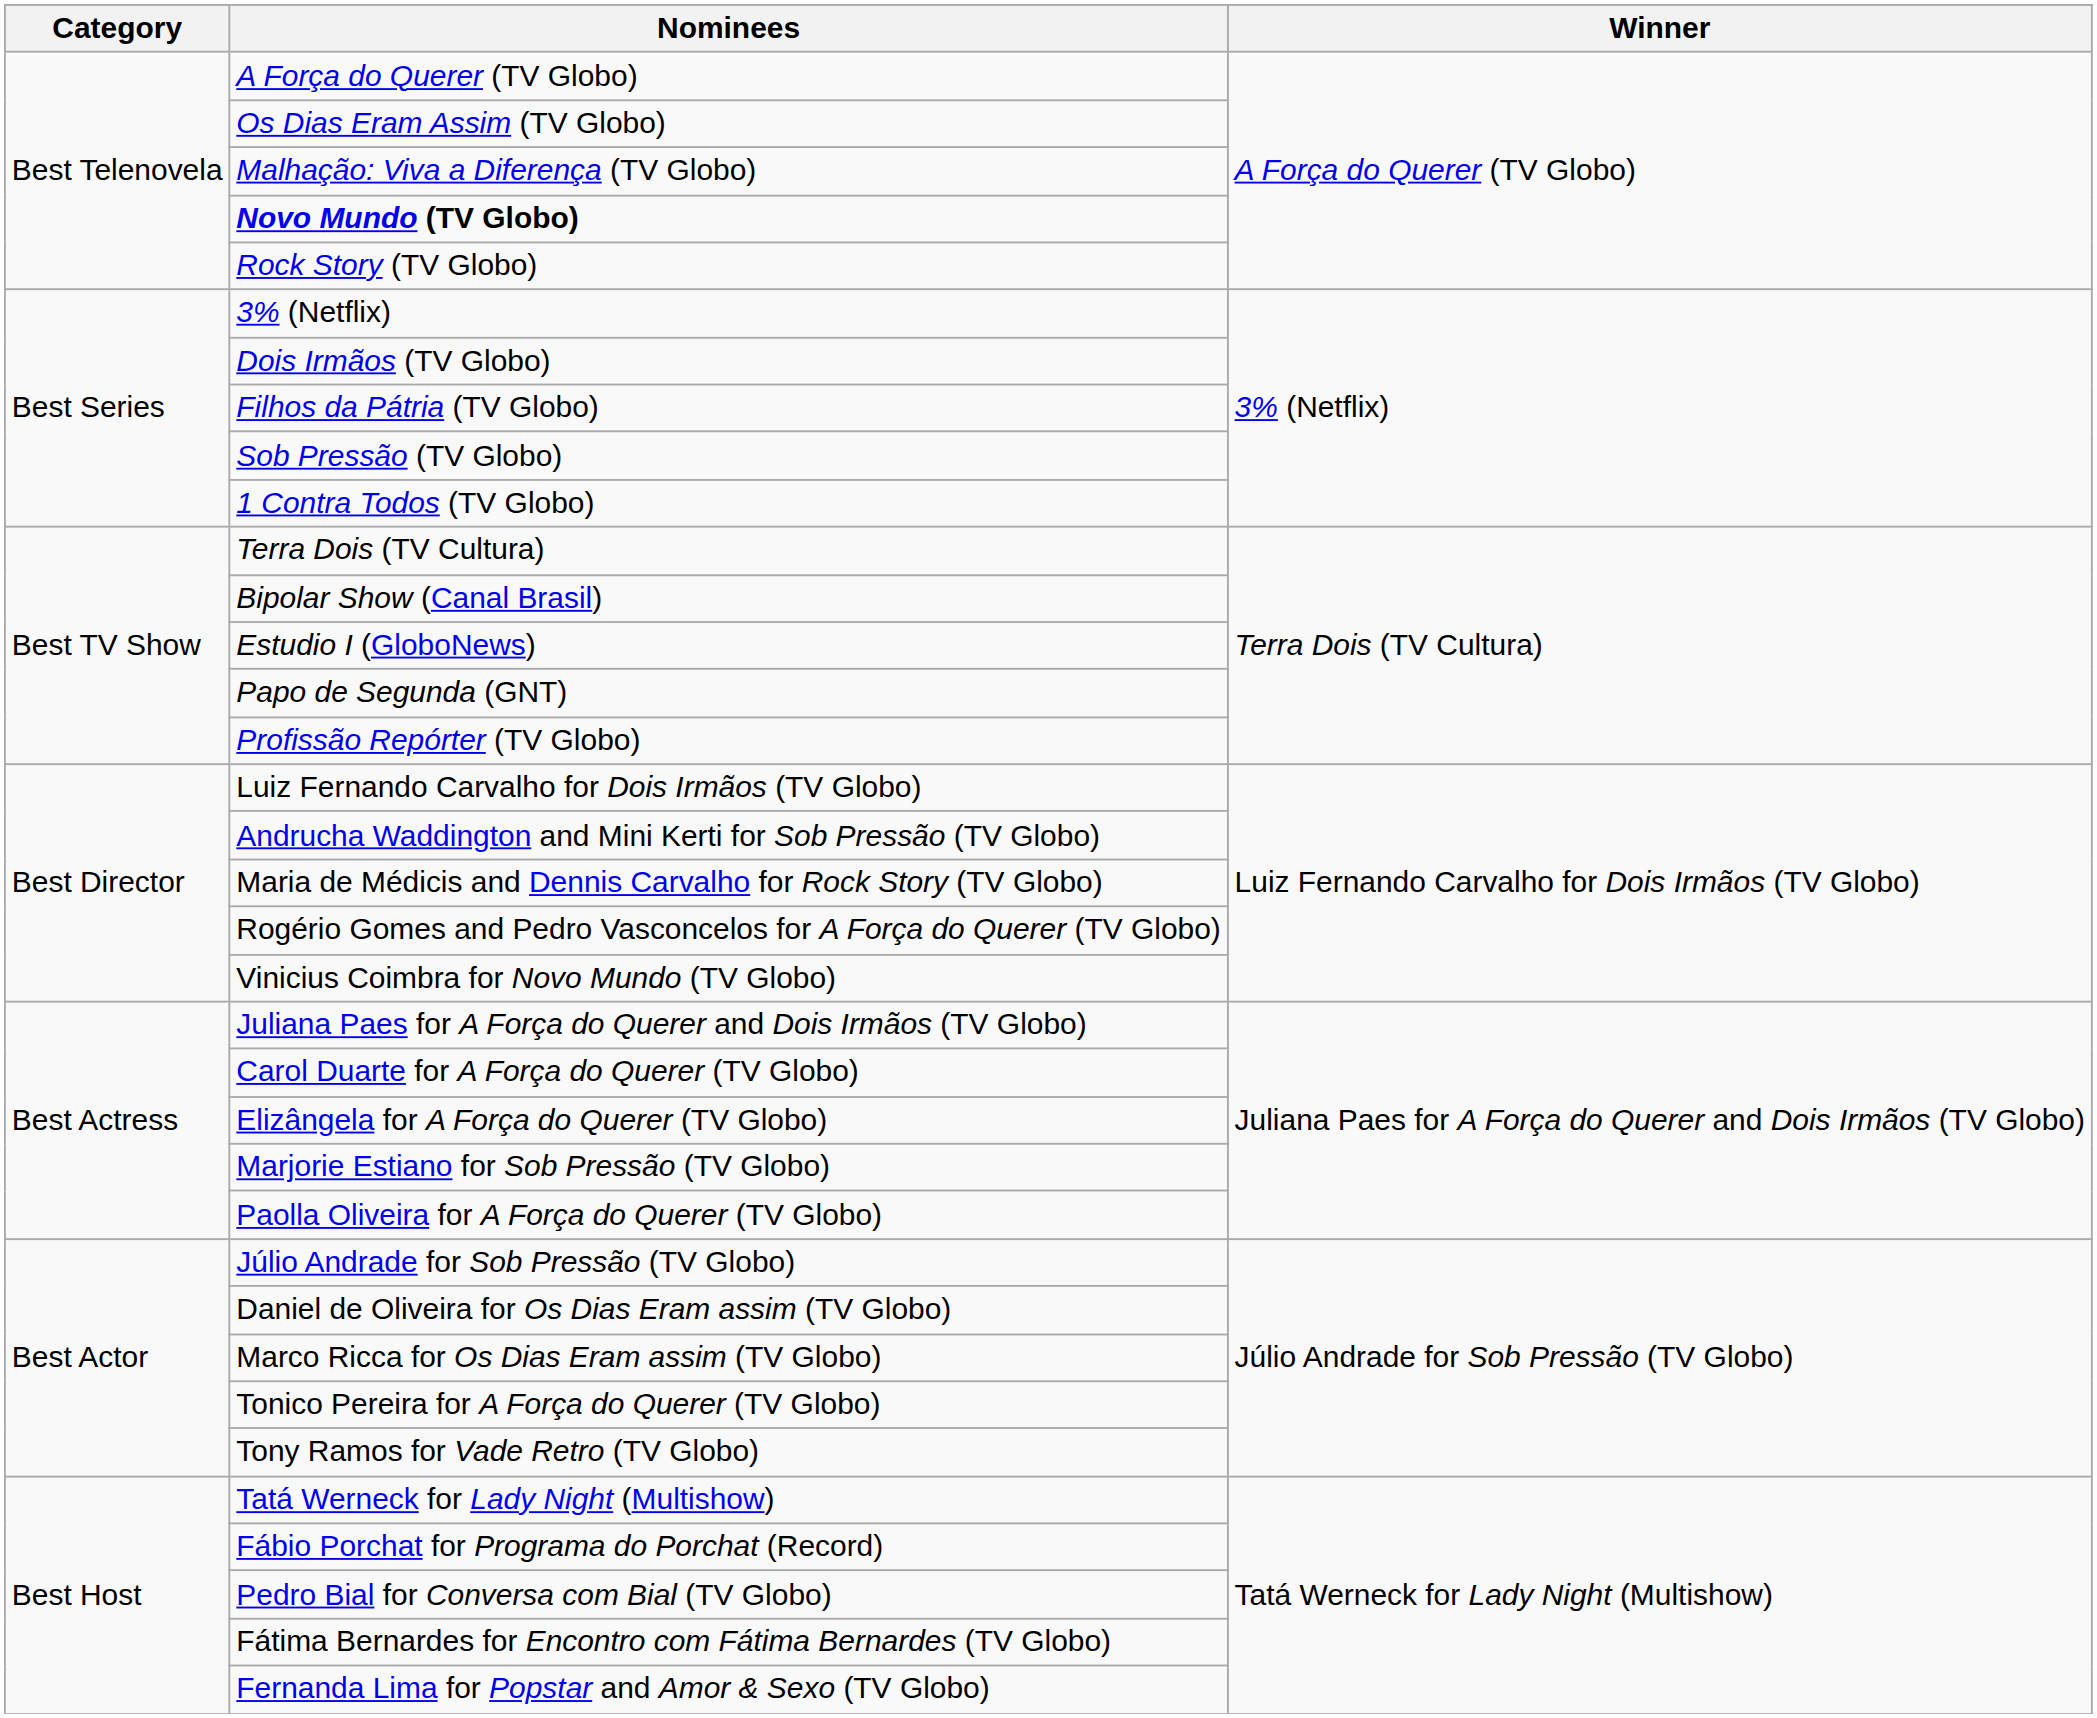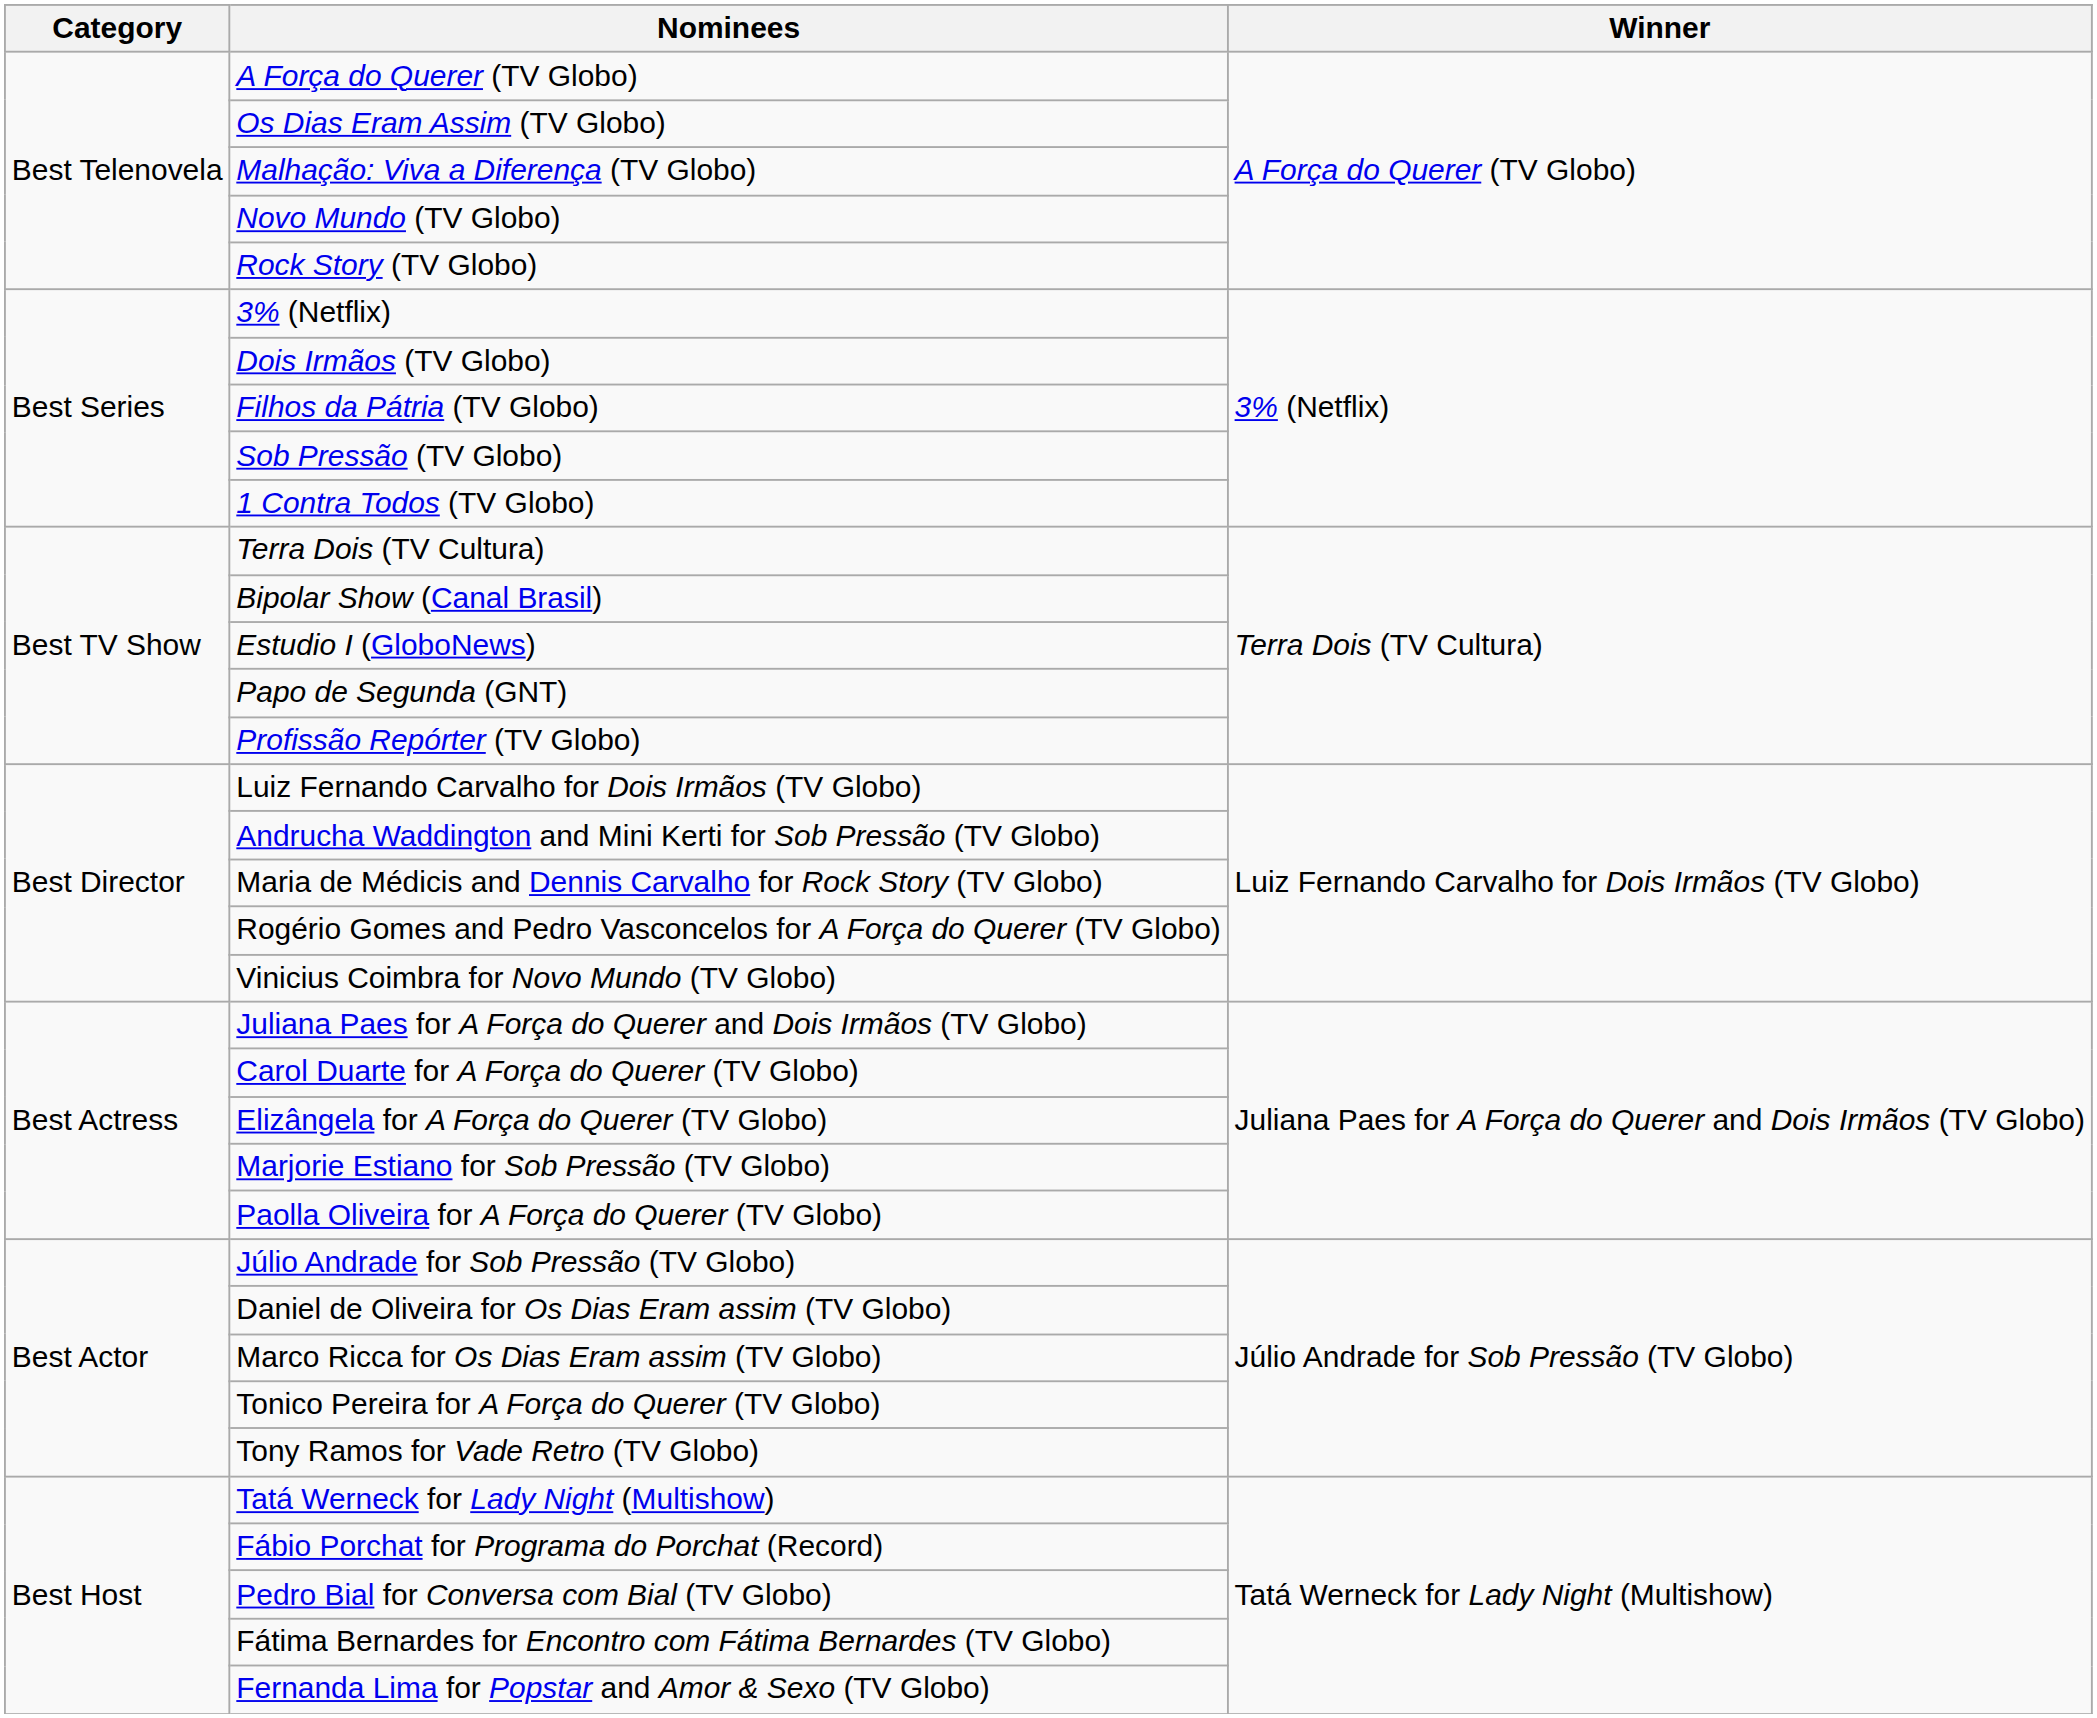 <table class="wikitable">
 <tr>
 <th>Category</th>
 <th>Nominees</th>
 <th>Winner</th>
 </tr>
 <tr>
 <td rowspan="5">Best Telenovela</td>
 <td><em><a href='#'>A Força do Querer</a></em> (TV Globo)</td>
 <td rowspan="5"><em><a href='#'>A Força do Querer</a></em> (TV Globo)</td>
 </tr>
 <tr>
 <td><em><a href='#'>Os Dias Eram Assim</a></em> (TV Globo)</td>
 </tr>
 <tr>
 <td><em><a href='#'>Malhação: Viva a Diferença</a></em> (TV Globo)</td>
 </tr>
 <tr>
-<td><strong><em><a href='#'>Novo Mundo</a></em> (TV Globo)</strong></td>
+<td><em><a href='#'>Novo Mundo</a></em> (TV Globo)</td>
 </tr>
 <tr>
 <td><em><a href='#'>Rock Story</a></em> (TV Globo)</td>
 </tr>
 <tr>
 <td rowspan="5">Best Series</td>
 <td><em><a href='#'>3%</a></em> (Netflix)</td>
 <td rowspan="5"><em><a href='#'>3%</a></em> (Netflix)</td>
 </tr>
 <tr>
 <td><a href='#'><em>Dois Irmãos</em></a> (TV Globo)</td>
 </tr>
 <tr>
 <td><em><a href='#'>Filhos da Pátria</a></em> (TV Globo)</td>
 </tr>
 <tr>
 <td><em><a href='#'>Sob Pressão</a></em> (TV Globo)</td>
 </tr>
 <tr>
 <td><em><a href='#'>1 Contra Todos</a></em> (TV Globo)</td>
 </tr>
 <tr>
 <td rowspan="5">Best TV Show</td>
 <td><em>Terra Dois</em> (TV Cultura)</td>
 <td rowspan="5"><em>Terra Dois</em> (TV Cultura)</td>
 </tr>
 <tr>
 <td><em>Bipolar Show</em> (<a href='#'>Canal Brasil</a>)</td>
 </tr>
 <tr>
 <td><em>Estudio I</em> (<a href='#'>GloboNews</a>)</td>
 </tr>
 <tr>
 <td><em>Papo de Segunda</em> (GNT)</td>
 </tr>
 <tr>
 <td><em><a href='#'>Profissão Repórter</a></em> (TV Globo)</td>
 </tr>
 <tr>
 <td rowspan="5">Best Director</td>
 <td>Luiz Fernando Carvalho for <em>Dois Irmãos</em> (TV Globo)</td>
 <td rowspan="5">Luiz Fernando Carvalho for <em>Dois Irmãos</em> (TV Globo)</td>
 </tr>
 <tr>
 <td><a href='#'>Andrucha Waddington</a> and Mini Kerti for <em>Sob Pressão</em> (TV Globo)</td>
 </tr>
 <tr>
 <td>Maria de Médicis and <a href='#'>Dennis Carvalho</a> for <em>Rock Story</em> (TV Globo)</td>
 </tr>
 <tr>
 <td>Rogério Gomes and Pedro Vasconcelos for <em>A Força do Querer</em> (TV Globo)</td>
 </tr>
 <tr>
 <td>Vinicius Coimbra for <em>Novo Mundo</em> (TV Globo)</td>
 </tr>
 <tr>
 <td rowspan="5">Best Actress</td>
 <td><a href='#'>Juliana Paes</a> for <em>A Força do Querer</em> and <em>Dois Irmãos</em> (TV Globo)</td>
 <td rowspan="5">Juliana Paes for <em>A Força do Querer</em> and <em>Dois Irmãos</em> (TV Globo)</td>
 </tr>
 <tr>
 <td><a href='#'>Carol Duarte</a> for <em>A Força do Querer</em> (TV Globo)</td>
 </tr>
 <tr>
 <td><a href='#'>Elizângela</a> for <em>A Força do Querer</em> (TV Globo)</td>
 </tr>
 <tr>
 <td><a href='#'>Marjorie Estiano</a> for <em>Sob Pressão</em> (TV Globo)</td>
 </tr>
 <tr>
 <td><a href='#'>Paolla Oliveira</a> for <em>A Força do Querer</em> (TV Globo)</td>
 </tr>
 <tr>
 <td rowspan="5">Best Actor</td>
 <td><a href='#'>Júlio Andrade</a> for <em>Sob Pressão</em> (TV Globo)</td>
 <td rowspan="5">Júlio Andrade for <em>Sob Pressão</em> (TV Globo)</td>
 </tr>
 <tr>
 <td>Daniel de Oliveira for <em>Os Dias Eram assim</em> (TV Globo)</td>
 </tr>
 <tr>
 <td>Marco Ricca for <em>Os Dias Eram assim</em> (TV Globo)</td>
 </tr>
 <tr>
 <td>Tonico Pereira for <em>A Força do Querer</em> (TV Globo)</td>
 </tr>
 <tr>
 <td>Tony Ramos for <em>Vade Retro</em> (TV Globo)</td>
 </tr>
 <tr>
 <td rowspan="5">Best Host</td>
 <td><a href='#'>Tatá Werneck</a> for <em><a href='#'>Lady Night</a></em> (<a href='#'>Multishow</a>)</td>
 <td rowspan="5">Tatá Werneck for <em>Lady Night</em> (Multishow)</td>
 </tr>
 <tr>
 <td><a href='#'>Fábio Porchat</a> for <em>Programa do Porchat</em> (Record)</td>
 </tr>
 <tr>
 <td><a href='#'>Pedro Bial</a> for <em>Conversa com Bial</em> (TV Globo)</td>
 </tr>
 <tr>
 <td>Fátima Bernardes for <em>Encontro com Fátima Bernardes</em> (TV Globo)</td>
 </tr>
 <tr>
 <td><a href='#'>Fernanda Lima</a> for <em><a href='#'>Popstar</a></em> and <em>Amor & Sexo</em> (TV Globo)</td>
 </tr>
 </table>
